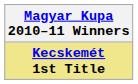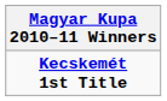 <table class="wikitable" style="text-align: center; margin: 0 auto;">
 <tr>
 <th><a href='#'>Magyar Kupa</a><br>2010–11 Winners</th>
 </tr>
 <tr>
-<td style="background: khaki;"><strong><a href='#'>Kecskemét</a></strong><br><strong>1st Title</strong></td>
+<td><strong><a href='#'>Kecskemét</a></strong><br><strong>1st Title</strong></td>
 </tr>
 </table>
